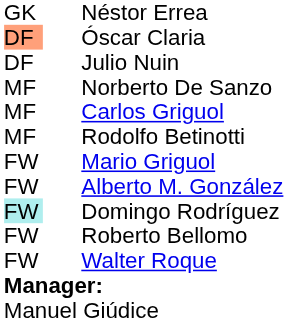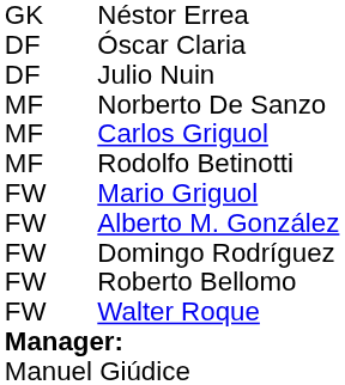 <table style="font-size:90%; margin:0.2em auto;" cellspacing="0" cellpadding="0">
 <tr>
 <th width="25"></th>
 <th width="25"></th>
 </tr>
 <tr>
 <td>GK</td>
 <td></td>
 <td> Néstor Errea</td>
 </tr>
 <tr>
-<td style="background: lightsalmon;">DF</td>
+<td>DF</td>
 <td></td>
 <td> Óscar Claria</td>
 </tr>
 <tr>
 <td>DF</td>
 <td></td>
 <td> Julio Nuin</td>
 </tr>
 <tr>
 <td>MF</td>
 <td></td>
 <td> Norberto De Sanzo</td>
 </tr>
 <tr>
 <td>MF</td>
 <td></td>
 <td> <a href='#'>Carlos Griguol</a></td>
 </tr>
 <tr>
 <td>MF</td>
 <td></td>
 <td> Rodolfo Betinotti</td>
 </tr>
 <tr>
 <td>FW</td>
 <td></td>
 <td> <a href='#'>Mario Griguol</a></td>
 </tr>
 <tr>
 <td>FW</td>
 <td></td>
 <td> <a href='#'>Alberto M. González</a></td>
 </tr>
 <tr>
-<td style="background: paleturquoise;">FW</td>
+<td>FW</td>
 <td></td>
 <td> Domingo Rodríguez</td>
 </tr>
 <tr>
 <td>FW</td>
 <td></td>
 <td> Roberto Bellomo</td>
 </tr>
 <tr>
 <td>FW</td>
 <td></td>
 <td> <a href='#'>Walter Roque</a></td>
 </tr>
 <tr>
 <td colspan=4><strong>Manager:</strong></td>
 </tr>
 <tr>
 <td colspan="4"> Manuel Giúdice</td>
 </tr>
 <tr>
 </tr>
 </table>
